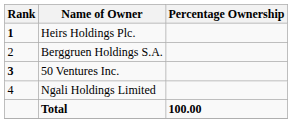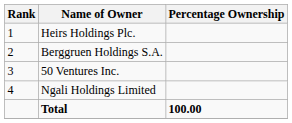 <table class="wikitable sortable" style="margin: 0.5em auto">
 <tr>
 <th>Rank</th>
 <th>Name of Owner</th>
 <th>Percentage Ownership</th>
 </tr>
 <tr>
-<td><strong>1</strong></td>
+<td>1</td>
 <td>Heirs Holdings Plc.</td>
 <td></td>
 </tr>
 <tr>
 <td>2</td>
 <td>Berggruen Holdings S.A.</td>
 <td></td>
 </tr>
 <tr>
-<td><strong>3</strong></td>
+<td>3</td>
 <td>50 Ventures Inc.</td>
 <td></td>
 </tr>
 <tr>
 <td>4</td>
 <td>Ngali Holdings Limited</td>
 <td></td>
 </tr>
 <tr>
 <td></td>
 <td><strong>Total</strong></td>
 <td><strong>100.00</strong></td>
 </tr>
 <tr>
 </tr>
 </table>
